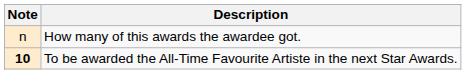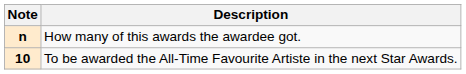 <table class="wikitable">
 <tr>
 <th>Note</th>
 <th>Description</th>
 </tr>
 <tr>
-<td bgcolor="#FFEBCD" align="center">n</td>
+<td bgcolor="#FFEBCD" align="center"><strong>n</strong></td>
 <td>How many of this awards the awardee got.</td>
 </tr>
 <tr>
 <td bgcolor="#FFEBCD" align="center"><strong>10</strong></td>
 <td>To be awarded the All-Time Favourite Artiste in the next Star Awards.</td>
 </tr>
 </table>
